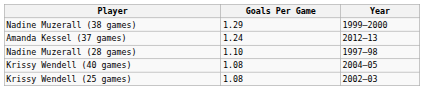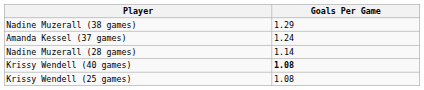 <table class="wikitable" style="width: 50em">
 <tr>
 <th>Player</th>
 <th>Goals Per Game</th>
-<th>Year</th>
 </tr>
 <tr>
 <td>Nadine Muzerall (38 games)</td>
 <td>1.29</td>
-<td>1999–2000</td>
 </tr>
 <tr>
 <td>Amanda Kessel (37 games)</td>
 <td>1.24</td>
-<td>2012–13</td>
 </tr>
 <tr>
 <td>Nadine Muzerall (28 games)</td>
-<td>1.10</td>
-<td>1997–98</td>
+<td>1.14</td>
 </tr>
 <tr>
 <td>Krissy Wendell (40 games)</td>
-<td>1.08</td>
-<td>2004–05</td>
+<td><strong>1.08</strong></td>
 </tr>
 <tr>
 <td>Krissy Wendell (25 games)</td>
 <td>1.08</td>
-<td>2002–03</td>
 </tr>
 </table>
